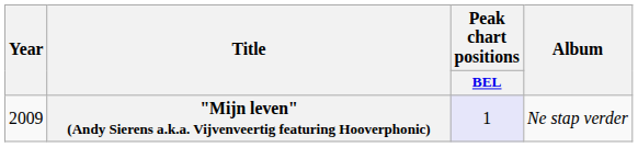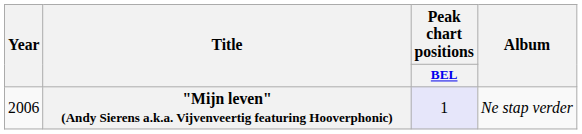 <table class="wikitable plainrowheaders" style="text-align:center;">
 <tr>
 <th scope="col" rowspan="2" style="width:1em;">Year</th>
 <th scope="col" rowspan="2" style="width:23em;">Title</th>
 <th scope="col" colspan="1">Peak chart positions</th>
 <th scope="col" rowspan="2">Album</th>
 </tr>
 <tr>
 <th scope="col" style="width:3em;font-size:85%;"><a href='#'>BEL</a><br></th>
 </tr>
 <tr>
-<td>2009</td>
+<td>2006</td>
 <th scope="row">"Mijn leven"<br><small>(Andy Sierens a.k.a. Vijvenveertig featuring Hooverphonic)</small></th>
 <td style="background: lavender;">1</td>
 <td><em>Ne stap verder</em></td>
 </tr>
 </table>
